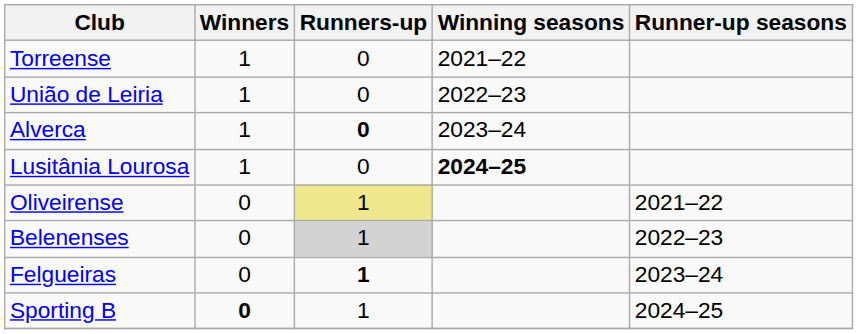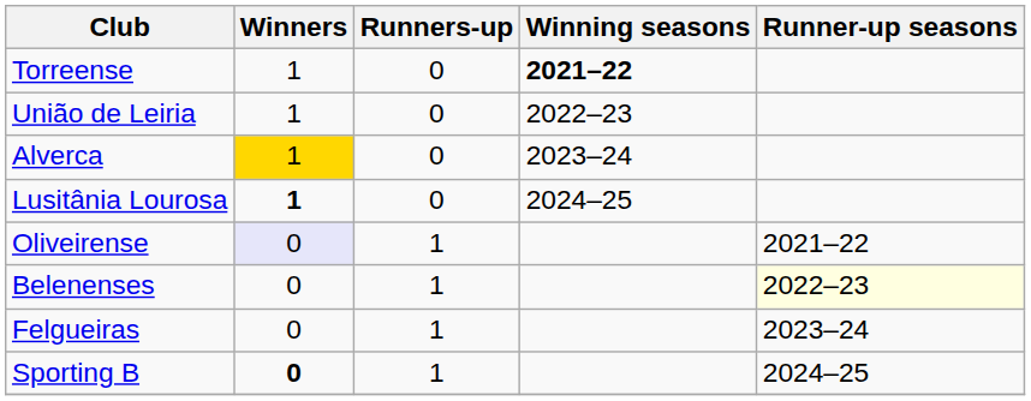 <table class="wikitable sortable">
 <tr>
 <th>Club</th>
 <th>Winners</th>
 <th>Runners-up</th>
 <th>Winning seasons</th>
 <th>Runner-up seasons</th>
 </tr>
 <tr>
 <td><a href='#'>Torreense</a></td>
 <td align=center>1</td>
 <td align=center>0</td>
-<td>2021–22</td>
+<td><strong>2021–22</strong></td>
 <td></td>
 </tr>
 <tr>
 <td><a href='#'>União de Leiria</a></td>
 <td align=center>1</td>
 <td align=center>0</td>
 <td>2022–23</td>
 <td></td>
 </tr>
 <tr>
 <td><a href='#'>Alverca</a></td>
-<td align=center>1</td>
-<td align=center><strong>0</strong></td>
+<td align=center style="background: gold;">1</td>
+<td align=center>0</td>
 <td>2023–24</td>
 <td></td>
 </tr>
 <tr>
 <td><a href='#'>Lusitânia Lourosa</a></td>
-<td align=center>1</td>
+<td align=center><strong>1</strong></td>
 <td align=center>0</td>
-<td><strong>2024–25</strong></td>
+<td>2024–25</td>
 <td></td>
 </tr>
 <tr>
 <td><a href='#'>Oliveirense</a></td>
-<td align=center>0</td>
-<td align=center style="background: khaki;">1</td>
+<td align=center style="background: lavender;">0</td>
+<td align=center>1</td>
 <td></td>
 <td>2021–22</td>
 </tr>
 <tr>
 <td><a href='#'>Belenenses</a></td>
 <td align=center>0</td>
-<td align=center style="background: lightgrey;">1</td>
+<td align=center>1</td>
 <td></td>
-<td>2022–23</td>
+<td style="background: lightyellow;">2022–23</td>
 </tr>
 <tr>
 <td><a href='#'>Felgueiras</a></td>
 <td align=center>0</td>
-<td align=center><strong>1</strong></td>
+<td align=center>1</td>
 <td></td>
 <td>2023–24</td>
 </tr>
 <tr>
 <td><a href='#'>Sporting B</a></td>
 <td align=center><strong>0</strong></td>
 <td align=center>1</td>
 <td></td>
 <td>2024–25</td>
 </tr>
 <tr>
 </tr>
 </table>
